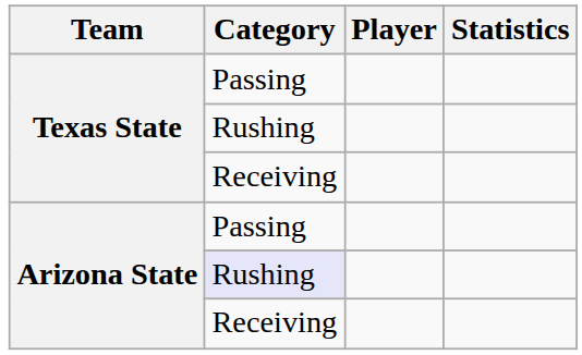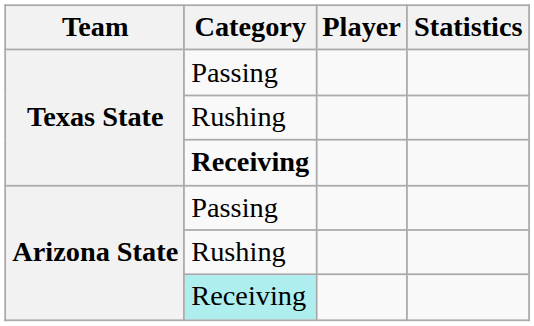 <table class="wikitable" style="float:right">
 <tr>
 <th>Team</th>
 <th>Category</th>
 <th>Player</th>
 <th>Statistics</th>
 </tr>
 <tr>
 <th rowspan=3>Texas State</th>
 <td>Passing</td>
 <td></td>
 <td></td>
 </tr>
 <tr>
 <td>Rushing</td>
 <td></td>
 <td></td>
 </tr>
 <tr>
-<td>Receiving</td>
+<td><strong>Receiving</strong></td>
 <td></td>
 <td></td>
 </tr>
 <tr>
 <th rowspan=3>Arizona State</th>
 <td>Passing</td>
 <td></td>
 <td></td>
 </tr>
 <tr>
-<td style="background: lavender;">Rushing</td>
+<td>Rushing</td>
 <td></td>
 <td></td>
 </tr>
 <tr>
-<td>Receiving</td>
+<td style="background: paleturquoise;">Receiving</td>
 <td></td>
 <td></td>
 </tr>
 </table>
